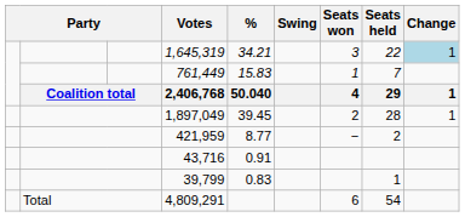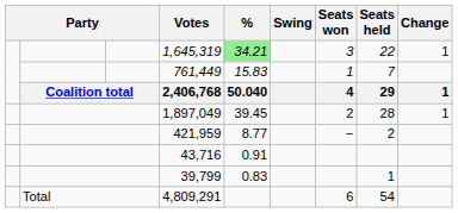 <table class="wikitable">
 <tr>
 <th colspan="3" style="width:180px">Party</th>
 <th style="width:70px">Votes</th>
 <th style="width:40px">%</th>
 <th style="width:40px">Swing</th>
 <th style="width:40px">Seats won</th>
 <th style="width:40px">Seats held</th>
 <th style="width:40px">Change</th>
 </tr>
 <tr>
 <td rowspan="3"> </td>
 <td> </td>
 <td></td>
 <td align="right"><em>1,645,319</em></td>
-<td align="right"><em>34.21</em></td>
+<td align="right" style="background: lightgreen;"><em>34.21</em></td>
 <td align="right"></td>
 <td align="right"><em>3</em></td>
 <td align="right"><em>22</em></td>
-<td align="right" style="background: lightblue;"> 1</td>
+<td align="right"> 1</td>
 </tr>
 <tr>
 <td> </td>
 <td></td>
 <td align="right"><em>761,449</em></td>
 <td align="right"><em>15.83</em></td>
 <td align="right"></td>
 <td align="right"><em>1</em></td>
 <td align="right"><em>7</em></td>
 <td align="right"></td>
 </tr>
 <tr>
 <th colspan="2"><a href='#'>Coalition total</a></th>
 <th style="text-align:right;">2,406,768</th>
 <th style="text-align:right;">50.040</th>
 <th style="text-align:right;"></th>
 <th style="text-align:right;">4</th>
 <th style="text-align:right;">29</th>
 <th style="text-align:right;"> 1</th>
 </tr>
 <tr>
 <td> </td>
 <td colspan="2"></td>
 <td align="right">1,897,049</td>
 <td align="right">39.45</td>
 <td align="right"></td>
 <td align="right">2</td>
 <td align="right">28</td>
 <td align="right">1</td>
 </tr>
 <tr>
 <td> </td>
 <td colspan="2"></td>
 <td align="right">421,959</td>
 <td align="right">8.77</td>
 <td align="right"></td>
 <td align="right">−</td>
 <td align="right">2</td>
 <td align="right"></td>
 </tr>
 <tr>
 <td> </td>
 <td colspan="2"></td>
 <td align="right">43,716</td>
 <td align="right">0.91</td>
 <td align="right"></td>
 <td align="right"></td>
 <td align="right"></td>
 <td align="right"></td>
 </tr>
 <tr>
 <td> </td>
 <td colspan="2"></td>
 <td align="right">39,799</td>
 <td align="right">0.83</td>
 <td align="right"></td>
 <td align="right"></td>
 <td align="right">1</td>
 <td align="right"></td>
 </tr>
 <tr>
 <td> </td>
 <td colspan="2">Total</td>
 <td align="right">4,809,291</td>
 <td align="right"> </td>
 <td align="right"> </td>
 <td align="right">6</td>
 <td align="right">54</td>
 <td align="right"></td>
 </tr>
 </table>
